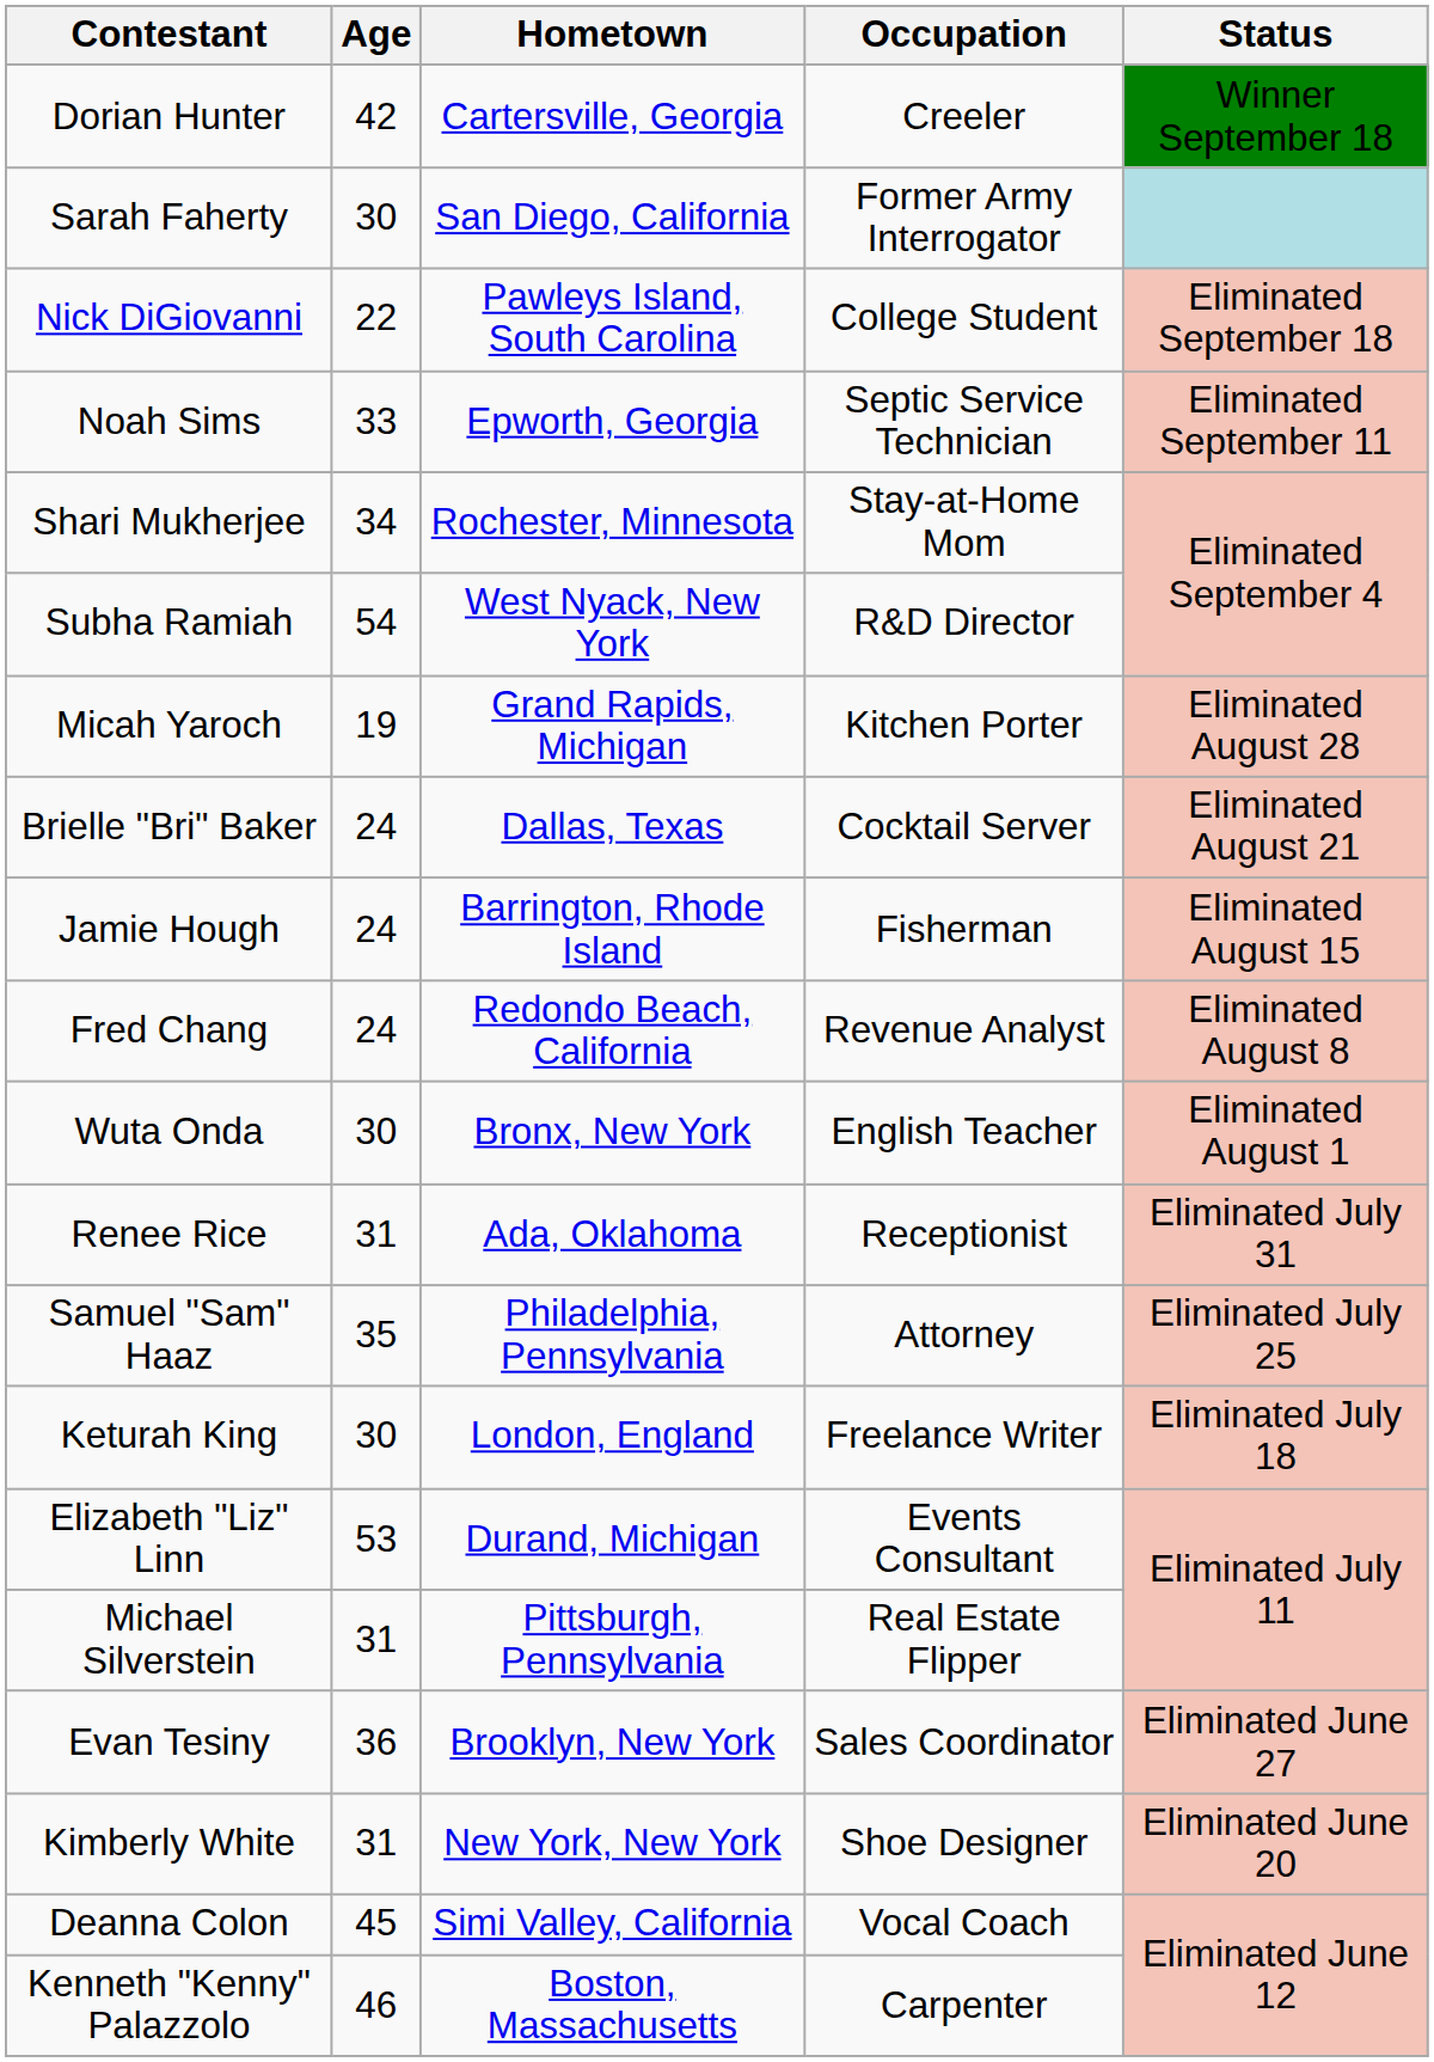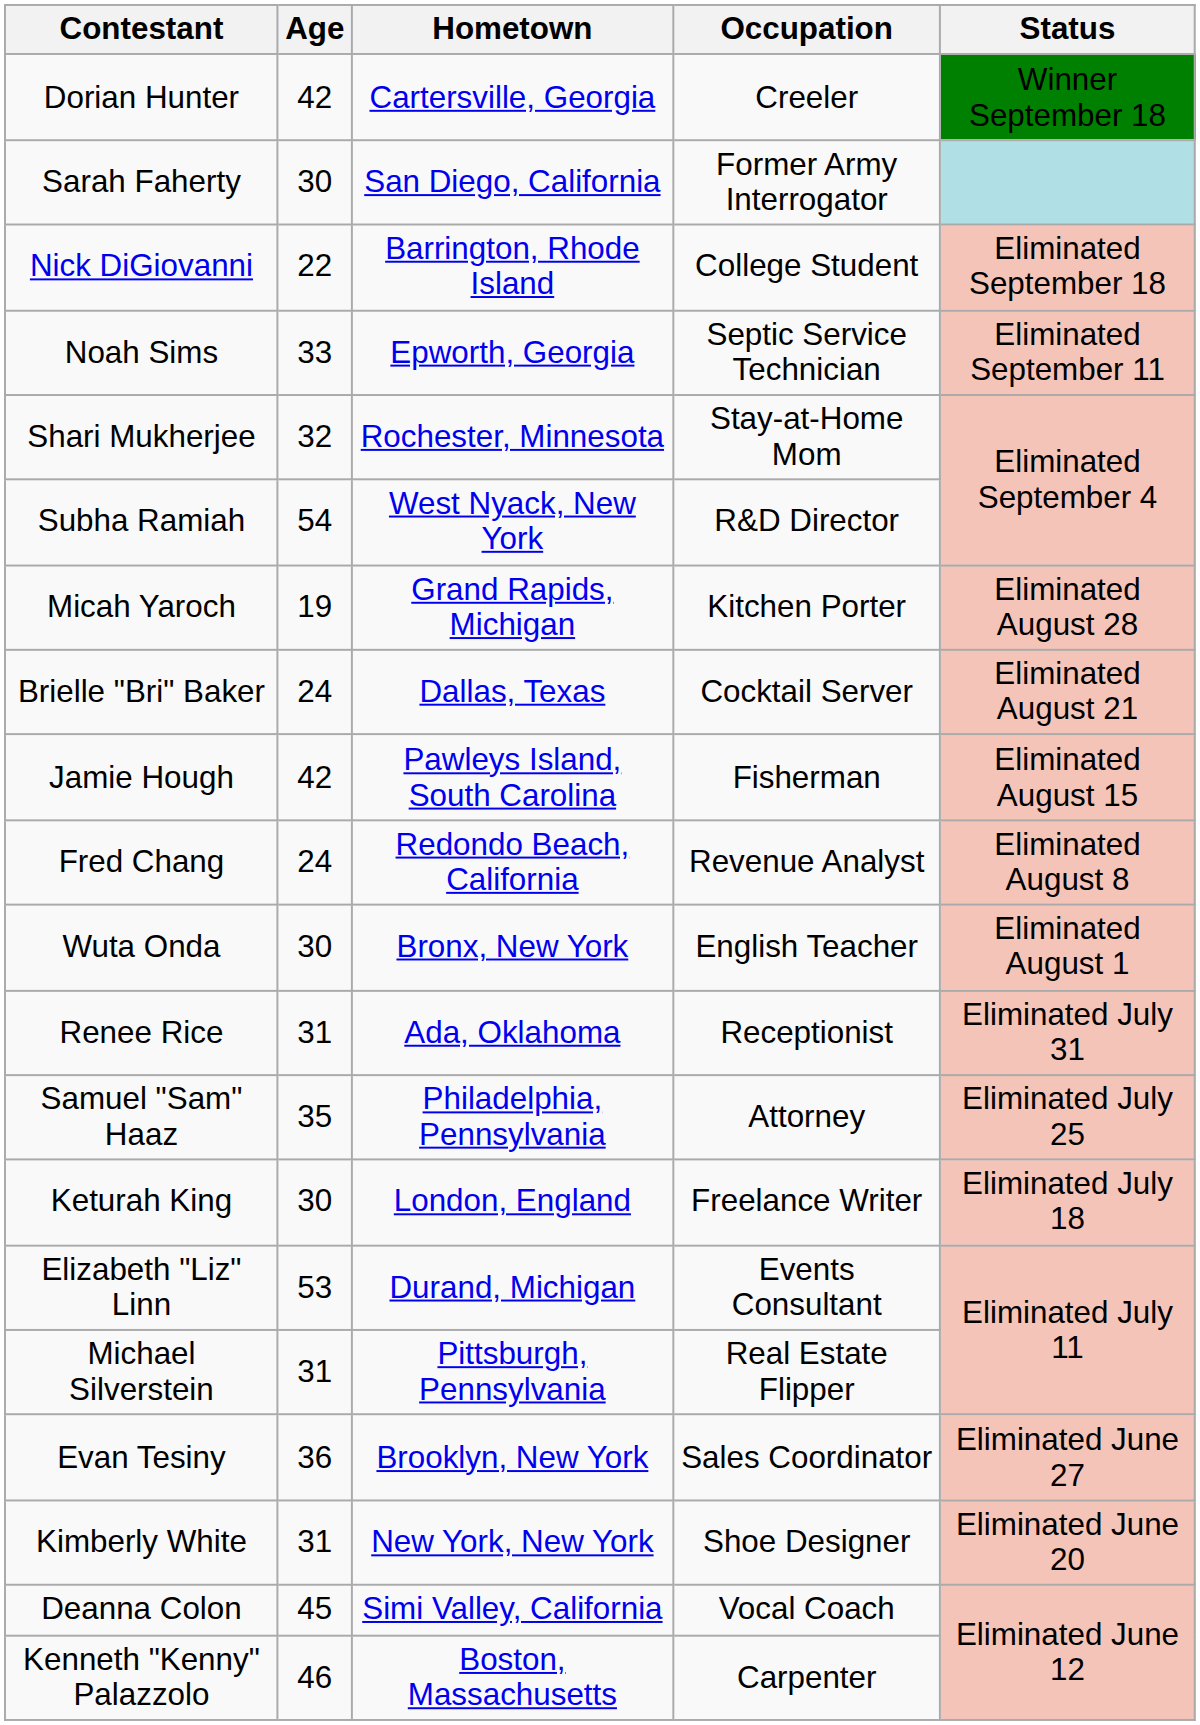 <table class="wikitable sortable plainheader" style="text-align:center; ">
 <tr style="background:#C1D8FF;">
 <th>Contestant</th>
 <th>Age</th>
 <th>Hometown</th>
 <th>Occupation</th>
 <th>Status</th>
 </tr>
 <tr>
 <td>Dorian Hunter</td>
 <td>42</td>
 <td><a href='#'>Cartersville, Georgia</a></td>
 <td>Creeler</td>
 <td style="background:green;"><span>Winner September 18</span></td>
 </tr>
 <tr>
 <td>Sarah Faherty</td>
 <td>30</td>
 <td><a href='#'>San Diego, California</a></td>
 <td>Former Army Interrogator</td>
 <td style="background:#B0E0E6;" rowspan="1"></td>
 </tr>
 <tr>
 <td><a href='#'>Nick DiGiovanni</a></td>
 <td>22</td>
-<td><a href='#'>Pawleys Island, South Carolina</a></td>
+<td><a href='#'>Barrington, Rhode Island</a></td>
 <td>College Student</td>
 <td style="background:#f4c4b8; text'align:center;" rowspan="1">Eliminated September 18</td>
 </tr>
 <tr>
 <td>Noah Sims</td>
 <td>33</td>
 <td><a href='#'>Epworth, Georgia</a></td>
 <td>Septic Service Technician</td>
 <td style="background:#f4c4b8; text'align:center;" rowspan="1">Eliminated September 11</td>
 </tr>
 <tr>
 <td>Shari Mukherjee</td>
-<td>34</td>
+<td>32</td>
 <td><a href='#'>Rochester, Minnesota</a></td>
 <td>Stay-at-Home Mom</td>
 <td style="background:#f4c4b8; text'align:center;" rowspan="2">Eliminated September 4</td>
 </tr>
 <tr>
 <td>Subha Ramiah</td>
 <td>54</td>
 <td><a href='#'>West Nyack, New York</a></td>
 <td>R&D Director</td>
 </tr>
 <tr>
 <td>Micah Yaroch</td>
 <td>19</td>
 <td><a href='#'>Grand Rapids, Michigan</a></td>
 <td>Kitchen Porter</td>
 <td style="background:#f4c4b8; text'align:center;" rowspan="1">Eliminated August 28</td>
 </tr>
 <tr>
 <td>Brielle "Bri" Baker</td>
 <td>24</td>
 <td><a href='#'>Dallas, Texas</a></td>
 <td>Cocktail Server</td>
 <td style="background:#f4c4b8; text'align:center;" rowspan="1">Eliminated August 21</td>
 </tr>
 <tr>
 <td>Jamie Hough</td>
-<td>24</td>
-<td><a href='#'>Barrington, Rhode Island</a></td>
+<td>42</td>
+<td><a href='#'>Pawleys Island, South Carolina</a></td>
 <td>Fisherman</td>
 <td style="background:#f4c4b8; text-align:center;" rowspan="1">Eliminated August 15</td>
 </tr>
 <tr>
 <td>Fred Chang</td>
 <td>24</td>
 <td><a href='#'>Redondo Beach, California</a></td>
 <td>Revenue Analyst</td>
 <td style="background:#f4c4b8; text-align:center;" rowspan="1">Eliminated August 8</td>
 </tr>
 <tr>
 <td>Wuta Onda</td>
 <td>30</td>
 <td><a href='#'>Bronx, New York</a></td>
 <td>English Teacher</td>
 <td style="background:#f4c4b8; text-align:center;" rowspan="1">Eliminated August 1</td>
 </tr>
 <tr>
 <td>Renee Rice</td>
 <td>31</td>
 <td><a href='#'>Ada, Oklahoma</a></td>
 <td>Receptionist</td>
 <td style="background:#f4c4b8; text-align:center;" rowspan="1">Eliminated July 31</td>
 </tr>
 <tr>
 <td>Samuel "Sam" Haaz</td>
 <td>35</td>
 <td><a href='#'>Philadelphia, Pennsylvania</a></td>
 <td>Attorney</td>
 <td style="background:#f4c4b8; text-align:center;" rowspan="1">Eliminated July 25</td>
 </tr>
 <tr>
 <td>Keturah King</td>
 <td>30</td>
 <td><a href='#'>London, England</a></td>
 <td>Freelance Writer</td>
 <td style="background:#f4c4b8; text-align:center;" rowspan="1">Eliminated July 18</td>
 </tr>
 <tr>
 <td>Elizabeth "Liz" Linn</td>
 <td>53</td>
 <td><a href='#'>Durand, Michigan</a></td>
 <td>Events Consultant</td>
 <td style="background:#f4c4b8; text-align:center;" rowspan="2">Eliminated July 11</td>
 </tr>
 <tr>
 <td>Michael Silverstein</td>
 <td>31</td>
 <td><a href='#'>Pittsburgh, Pennsylvania</a></td>
 <td>Real Estate Flipper</td>
 </tr>
 <tr>
 <td>Evan Tesiny</td>
 <td>36</td>
 <td><a href='#'>Brooklyn, New York</a></td>
 <td>Sales Coordinator</td>
 <td style="background:#f4c4b8; text-align:center;" rowspan="1">Eliminated June 27</td>
 </tr>
 <tr>
 <td>Kimberly White</td>
 <td>31</td>
 <td><a href='#'>New York, New York</a></td>
 <td>Shoe Designer</td>
 <td style="background:#f4c4b8; text-align:center;" rowspan="1">Eliminated June 20</td>
 </tr>
 <tr>
 <td>Deanna Colon</td>
 <td>45</td>
 <td><a href='#'>Simi Valley, California</a></td>
 <td>Vocal Coach</td>
 <td style="background:#f4c4b8; text-align:center;" rowspan="2">Eliminated June 12</td>
 </tr>
 <tr>
 <td>Kenneth "Kenny" Palazzolo</td>
 <td>46</td>
 <td><a href='#'>Boston, Massachusetts</a></td>
 <td>Carpenter</td>
 </tr>
 </table>
